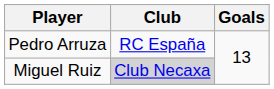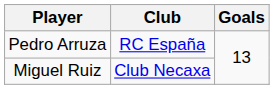 <table class="wikitable" style="text-align: center;">
 <tr>
 <th>Player</th>
 <th>Club</th>
 <th>Goals</th>
 </tr>
 <tr>
 <td> Pedro Arruza</td>
 <td><a href='#'>RC España</a></td>
 <td rowspan=2>13</td>
 </tr>
 <tr>
 <td> Miguel Ruiz</td>
-<td style="background: lightgrey;"><a href='#'>Club Necaxa</a></td>
+<td><a href='#'>Club Necaxa</a></td>
 </tr>
 </table>
